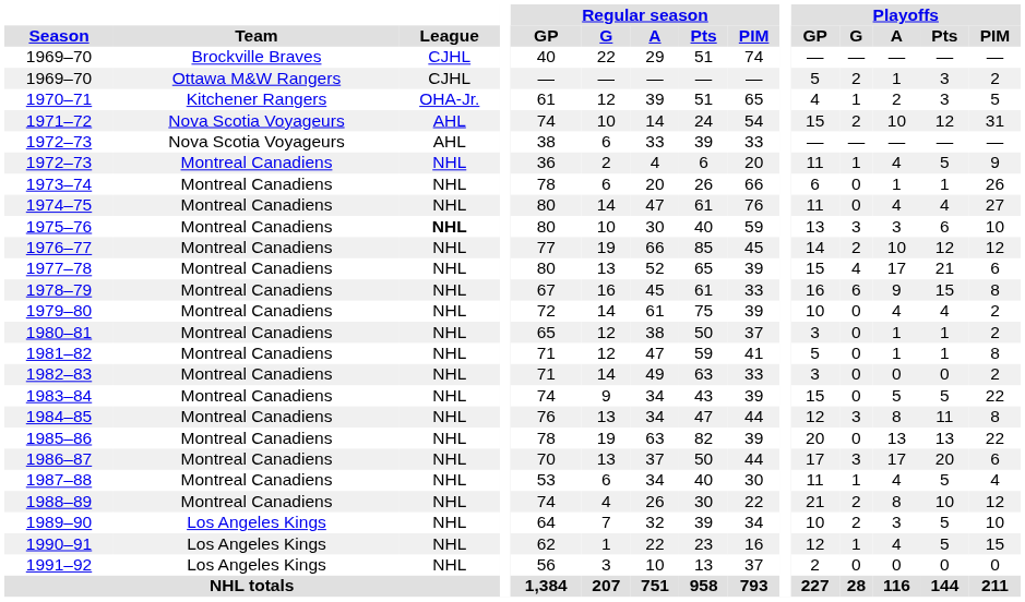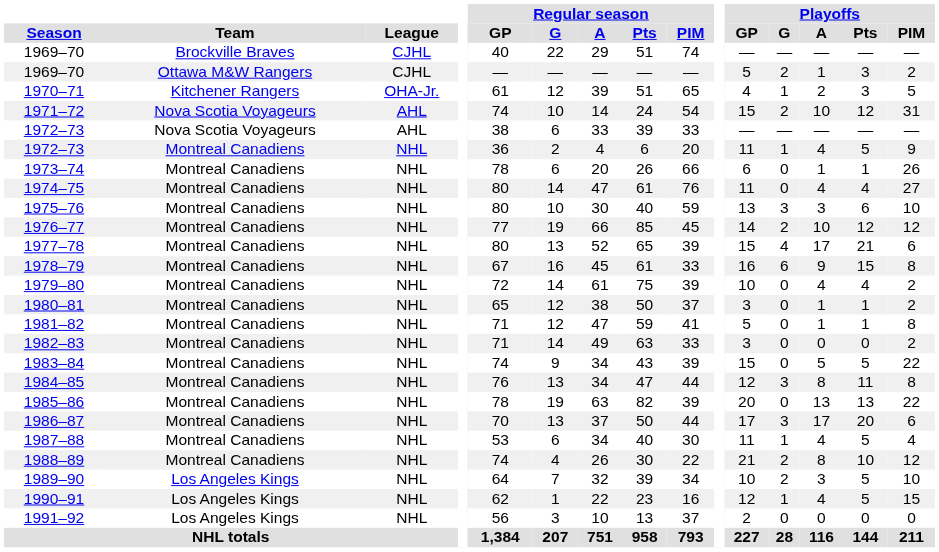 <table border="0" cellpadding="1" cellspacing="0" style="text-align:center; width:60em;">
 <tr style="background:#e0e0e0;">
 <th colspan="3"  bgcolor="#ffffff"> </th>
 <th rowspan="99" bgcolor="#ffffff"> </th>
 <th colspan="5"><a href='#'>Regular season</a></th>
 <th rowspan="99" bgcolor="#ffffff"> </th>
 <th colspan="5"><a href='#'>Playoffs</a></th>
 </tr>
 <tr style="background:#e0e0e0;">
 <th><a href='#'>Season</a></th>
 <th>Team</th>
 <th>League</th>
 <th>GP</th>
 <th><a href='#'>G</a></th>
 <th><a href='#'>A</a></th>
 <th><a href='#'>Pts</a></th>
 <th><a href='#'>PIM</a></th>
 <th>GP</th>
 <th>G</th>
 <th>A</th>
 <th>Pts</th>
 <th>PIM</th>
 </tr>
 <tr>
 <td>1969–70</td>
 <td><a href='#'>Brockville Braves</a></td>
 <td><a href='#'>CJHL</a></td>
 <td>40</td>
 <td>22</td>
 <td>29</td>
 <td>51</td>
 <td>74</td>
 <td>—</td>
 <td>—</td>
 <td>—</td>
 <td>—</td>
 <td>—</td>
 </tr>
 <tr style="background:#f0f0f0;">
 <td>1969–70</td>
 <td><a href='#'>Ottawa M&W Rangers</a></td>
 <td>CJHL</td>
 <td>—</td>
 <td>—</td>
 <td>—</td>
 <td>—</td>
 <td>—</td>
 <td>5</td>
 <td>2</td>
 <td>1</td>
 <td>3</td>
 <td>2</td>
 </tr>
 <tr>
 <td><a href='#'>1970–71</a></td>
 <td><a href='#'>Kitchener Rangers</a></td>
 <td><a href='#'>OHA-Jr.</a></td>
 <td>61</td>
 <td>12</td>
 <td>39</td>
 <td>51</td>
 <td>65</td>
 <td>4</td>
 <td>1</td>
 <td>2</td>
 <td>3</td>
 <td>5</td>
 </tr>
 <tr style="background:#f0f0f0;">
 <td><a href='#'>1971–72</a></td>
 <td><a href='#'>Nova Scotia Voyageurs</a></td>
 <td><a href='#'>AHL</a></td>
 <td>74</td>
 <td>10</td>
 <td>14</td>
 <td>24</td>
 <td>54</td>
 <td>15</td>
 <td>2</td>
 <td>10</td>
 <td>12</td>
 <td>31</td>
 </tr>
 <tr>
 <td><a href='#'>1972–73</a></td>
 <td>Nova Scotia Voyageurs</td>
 <td>AHL</td>
 <td>38</td>
 <td>6</td>
 <td>33</td>
 <td>39</td>
 <td>33</td>
 <td>—</td>
 <td>—</td>
 <td>—</td>
 <td>—</td>
 <td>—</td>
 </tr>
 <tr style="background:#f0f0f0;">
 <td><a href='#'>1972–73</a></td>
 <td><a href='#'>Montreal Canadiens</a></td>
 <td><a href='#'>NHL</a></td>
 <td>36</td>
 <td>2</td>
 <td>4</td>
 <td>6</td>
 <td>20</td>
 <td>11</td>
 <td>1</td>
 <td>4</td>
 <td>5</td>
 <td>9</td>
 </tr>
 <tr>
 <td><a href='#'>1973–74</a></td>
 <td>Montreal Canadiens</td>
 <td>NHL</td>
 <td>78</td>
 <td>6</td>
 <td>20</td>
 <td>26</td>
 <td>66</td>
 <td>6</td>
 <td>0</td>
 <td>1</td>
 <td>1</td>
 <td>26</td>
 </tr>
 <tr style="background:#f0f0f0;">
 <td><a href='#'>1974–75</a></td>
 <td>Montreal Canadiens</td>
 <td>NHL</td>
 <td>80</td>
 <td>14</td>
 <td>47</td>
 <td>61</td>
 <td>76</td>
 <td>11</td>
 <td>0</td>
 <td>4</td>
 <td>4</td>
 <td>27</td>
 </tr>
 <tr>
 <td><a href='#'>1975–76</a></td>
 <td>Montreal Canadiens</td>
-<td><strong>NHL</strong></td>
+<td>NHL</td>
 <td>80</td>
 <td>10</td>
 <td>30</td>
 <td>40</td>
 <td>59</td>
 <td>13</td>
 <td>3</td>
 <td>3</td>
 <td>6</td>
 <td>10</td>
 </tr>
 <tr style="background:#f0f0f0;">
 <td><a href='#'>1976–77</a></td>
 <td>Montreal Canadiens</td>
 <td>NHL</td>
 <td>77</td>
 <td>19</td>
 <td>66</td>
 <td>85</td>
 <td>45</td>
 <td>14</td>
 <td>2</td>
 <td>10</td>
 <td>12</td>
 <td>12</td>
 </tr>
 <tr>
 <td><a href='#'>1977–78</a></td>
 <td>Montreal Canadiens</td>
 <td>NHL</td>
 <td>80</td>
 <td>13</td>
 <td>52</td>
 <td>65</td>
 <td>39</td>
 <td>15</td>
 <td>4</td>
 <td>17</td>
 <td>21</td>
 <td>6</td>
 </tr>
 <tr style="background:#f0f0f0;">
 <td><a href='#'>1978–79</a></td>
 <td>Montreal Canadiens</td>
 <td>NHL</td>
 <td>67</td>
 <td>16</td>
 <td>45</td>
 <td>61</td>
 <td>33</td>
 <td>16</td>
 <td>6</td>
 <td>9</td>
 <td>15</td>
 <td>8</td>
 </tr>
 <tr>
 <td><a href='#'>1979–80</a></td>
 <td>Montreal Canadiens</td>
 <td>NHL</td>
 <td>72</td>
 <td>14</td>
 <td>61</td>
 <td>75</td>
 <td>39</td>
 <td>10</td>
 <td>0</td>
 <td>4</td>
 <td>4</td>
 <td>2</td>
 </tr>
 <tr style="background:#f0f0f0;">
 <td><a href='#'>1980–81</a></td>
 <td>Montreal Canadiens</td>
 <td>NHL</td>
 <td>65</td>
 <td>12</td>
 <td>38</td>
 <td>50</td>
 <td>37</td>
 <td>3</td>
 <td>0</td>
 <td>1</td>
 <td>1</td>
 <td>2</td>
 </tr>
 <tr>
 <td><a href='#'>1981–82</a></td>
 <td>Montreal Canadiens</td>
 <td>NHL</td>
 <td>71</td>
 <td>12</td>
 <td>47</td>
 <td>59</td>
 <td>41</td>
 <td>5</td>
 <td>0</td>
 <td>1</td>
 <td>1</td>
 <td>8</td>
 </tr>
 <tr style="background:#f0f0f0;">
 <td><a href='#'>1982–83</a></td>
 <td>Montreal Canadiens</td>
 <td>NHL</td>
 <td>71</td>
 <td>14</td>
 <td>49</td>
 <td>63</td>
 <td>33</td>
 <td>3</td>
 <td>0</td>
 <td>0</td>
 <td>0</td>
 <td>2</td>
 </tr>
 <tr>
 <td><a href='#'>1983–84</a></td>
 <td>Montreal Canadiens</td>
 <td>NHL</td>
 <td>74</td>
 <td>9</td>
 <td>34</td>
 <td>43</td>
 <td>39</td>
 <td>15</td>
 <td>0</td>
 <td>5</td>
 <td>5</td>
 <td>22</td>
 </tr>
 <tr style="background:#f0f0f0;">
 <td><a href='#'>1984–85</a></td>
 <td>Montreal Canadiens</td>
 <td>NHL</td>
 <td>76</td>
 <td>13</td>
 <td>34</td>
 <td>47</td>
 <td>44</td>
 <td>12</td>
 <td>3</td>
 <td>8</td>
 <td>11</td>
 <td>8</td>
 </tr>
 <tr>
 <td><a href='#'>1985–86</a></td>
 <td>Montreal Canadiens</td>
 <td>NHL</td>
 <td>78</td>
 <td>19</td>
 <td>63</td>
 <td>82</td>
 <td>39</td>
 <td>20</td>
 <td>0</td>
 <td>13</td>
 <td>13</td>
 <td>22</td>
 </tr>
 <tr style="background:#f0f0f0;">
 <td><a href='#'>1986–87</a></td>
 <td>Montreal Canadiens</td>
 <td>NHL</td>
 <td>70</td>
 <td>13</td>
 <td>37</td>
 <td>50</td>
 <td>44</td>
 <td>17</td>
 <td>3</td>
 <td>17</td>
 <td>20</td>
 <td>6</td>
 </tr>
 <tr>
 <td><a href='#'>1987–88</a></td>
 <td>Montreal Canadiens</td>
 <td>NHL</td>
 <td>53</td>
 <td>6</td>
 <td>34</td>
 <td>40</td>
 <td>30</td>
 <td>11</td>
 <td>1</td>
 <td>4</td>
 <td>5</td>
 <td>4</td>
 </tr>
 <tr style="background:#f0f0f0;">
 <td><a href='#'>1988–89</a></td>
 <td>Montreal Canadiens</td>
 <td>NHL</td>
 <td>74</td>
 <td>4</td>
 <td>26</td>
 <td>30</td>
 <td>22</td>
 <td>21</td>
 <td>2</td>
 <td>8</td>
 <td>10</td>
 <td>12</td>
 </tr>
 <tr>
 <td><a href='#'>1989–90</a></td>
 <td><a href='#'>Los Angeles Kings</a></td>
 <td>NHL</td>
 <td>64</td>
 <td>7</td>
 <td>32</td>
 <td>39</td>
 <td>34</td>
 <td>10</td>
 <td>2</td>
 <td>3</td>
 <td>5</td>
 <td>10</td>
 </tr>
 <tr style="background:#f0f0f0;">
 <td><a href='#'>1990–91</a></td>
 <td>Los Angeles Kings</td>
 <td>NHL</td>
 <td>62</td>
 <td>1</td>
 <td>22</td>
 <td>23</td>
 <td>16</td>
 <td>12</td>
 <td>1</td>
 <td>4</td>
 <td>5</td>
 <td>15</td>
 </tr>
 <tr>
 <td><a href='#'>1991–92</a></td>
 <td>Los Angeles Kings</td>
 <td>NHL</td>
 <td>56</td>
 <td>3</td>
 <td>10</td>
 <td>13</td>
 <td>37</td>
 <td>2</td>
 <td>0</td>
 <td>0</td>
 <td>0</td>
 <td>0</td>
 </tr>
 <tr style="background:#e0e0e0;">
 <th colspan="3">NHL totals</th>
 <th>1,384</th>
 <th>207</th>
 <th>751</th>
 <th>958</th>
 <th>793</th>
 <th>227</th>
 <th>28</th>
 <th>116</th>
 <th>144</th>
 <th>211</th>
 </tr>
 </table>
